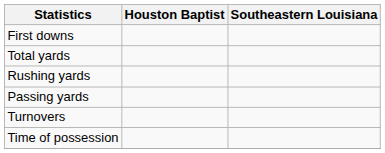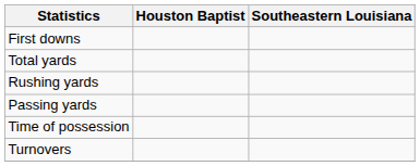 <table class="wikitable">
 <tr>
 <th>Statistics</th>
 <th>Houston Baptist</th>
 <th>Southeastern Louisiana</th>
 </tr>
 <tr>
 <td>First downs</td>
 <td> </td>
 <td> </td>
 </tr>
 <tr>
 <td>Total yards</td>
 <td> </td>
 <td> </td>
 </tr>
 <tr>
 <td>Rushing yards</td>
 <td> </td>
 <td> </td>
 </tr>
 <tr>
 <td>Passing yards</td>
 <td> </td>
 <td> </td>
 </tr>
 <tr>
-<td>Turnovers</td>
+<td>Time of possession</td>
 <td> </td>
 <td> </td>
 </tr>
 <tr>
-<td>Time of possession</td>
+<td>Turnovers</td>
 <td> </td>
 <td> </td>
 </tr>
 <tr>
 </tr>
 </table>
